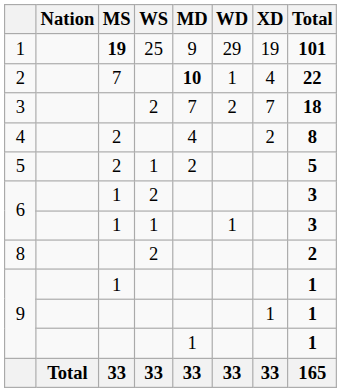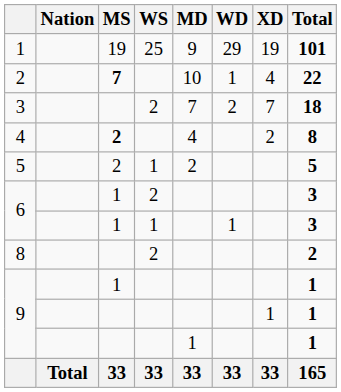 <table class="wikitable" style="text-align:center">
 <tr>
 <th width="20"></th>
 <th>Nation</th>
 <th width="20">MS</th>
 <th width="20">WS</th>
 <th width="20">MD</th>
 <th width="20">WD</th>
 <th width="20">XD</th>
 <th>Total</th>
 </tr>
 <tr>
 <td>1</td>
 <td align=left><strong></strong></td>
-<td><strong>19</strong></td>
+<td>19</td>
 <td>25</td>
 <td>9</td>
 <td>29</td>
 <td>19</td>
 <td><strong>101</strong></td>
 </tr>
 <tr align=center>
 <td>2</td>
 <td align=left></td>
-<td>7</td>
+<td><strong>7</strong></td>
 <td></td>
-<td><strong>10</strong></td>
+<td>10</td>
 <td>1</td>
 <td>4</td>
 <td><strong>22</strong></td>
 </tr>
 <tr align=center>
 <td>3</td>
 <td align=left></td>
 <td></td>
 <td>2</td>
 <td>7</td>
 <td>2</td>
 <td>7</td>
 <td><strong>18</strong></td>
 </tr>
 <tr align=center>
 <td>4</td>
 <td align=left></td>
-<td>2</td>
+<td><strong>2</strong></td>
 <td></td>
 <td>4</td>
 <td></td>
 <td>2</td>
 <td><strong>8</strong></td>
 </tr>
 <tr align=center>
 <td>5</td>
 <td align=left></td>
 <td>2</td>
 <td>1</td>
 <td>2</td>
 <td></td>
 <td></td>
 <td><strong>5</strong></td>
 </tr>
 <tr align=center>
 <td rowspan=2>6</td>
 <td align=left></td>
 <td>1</td>
 <td>2</td>
 <td></td>
 <td></td>
 <td></td>
 <td><strong>3</strong></td>
 </tr>
 <tr align=center>
 <td align=left></td>
 <td>1</td>
 <td>1</td>
 <td></td>
 <td>1</td>
 <td></td>
 <td><strong>3</strong></td>
 </tr>
 <tr align=center>
 <td>8</td>
 <td align=left></td>
 <td></td>
 <td>2</td>
 <td></td>
 <td></td>
 <td></td>
 <td><strong>2</strong></td>
 </tr>
 <tr align=center>
 <td rowspan=3>9</td>
 <td align=left></td>
 <td>1</td>
 <td></td>
 <td></td>
 <td></td>
 <td></td>
 <td><strong>1</strong></td>
 </tr>
 <tr align=center>
 <td align=left></td>
 <td></td>
 <td></td>
 <td></td>
 <td></td>
 <td>1</td>
 <td><strong>1</strong></td>
 </tr>
 <tr align=center>
 <td align=left></td>
 <td></td>
 <td></td>
 <td>1</td>
 <td></td>
 <td></td>
 <td><strong>1</strong></td>
 </tr>
 <tr>
 <th></th>
 <th align=left>Total</th>
 <th>33</th>
 <th>33</th>
 <th>33</th>
 <th>33</th>
 <th>33</th>
 <th>165</th>
 </tr>
 </table>
